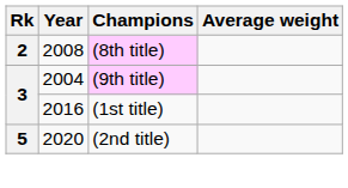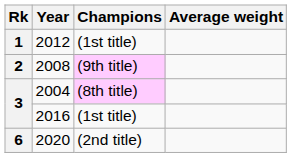 <table class="wikitable sticky-header" style="text-align: center; margin-left: 1em; display: inline-table;">
 <tr>
 <th scope="col">Rk</th>
 <th scope="col">Year</th>
 <th scope="col">Champions</th>
 <th scope="col">Average weight</th>
 </tr>
 <tr>
+<th scope="row">1</th>
+<td>2012</td>
+<td style="text-align: left;"> (1st title)</td>
+<td style="text-align: right;"><strong></strong></td>
+</tr>
+<tr>
 <th scope="row">2</th>
 <td>2008</td>
-<td style="background-color: #ffccff; text-align: left;"> (8th title)</td>
+<td style="background-color: #ffccff; text-align: left;"> (9th title)</td>
 <td style="text-align: right;"><strong></strong></td>
 </tr>
 <tr>
 <th scope="rowgroup" rowspan="2">3</th>
 <td>2004</td>
-<td style="background-color: #ffccff; text-align: left;"> (9th title)</td>
+<td style="background-color: #ffccff; text-align: left;"> (8th title)</td>
 <td style="text-align: right;"><strong></strong></td>
 </tr>
 <tr>
 <td>2016</td>
 <td style="text-align: left;"> (1st title)</td>
 <td style="text-align: right;"><strong></strong></td>
 </tr>
 <tr>
-<th scope="row">5</th>
+<th scope="row">6</th>
 <td>2020</td>
 <td style="text-align: left;"> (2nd title)</td>
 <td style="text-align: right;"><strong></strong></td>
 </tr>
 </table>
